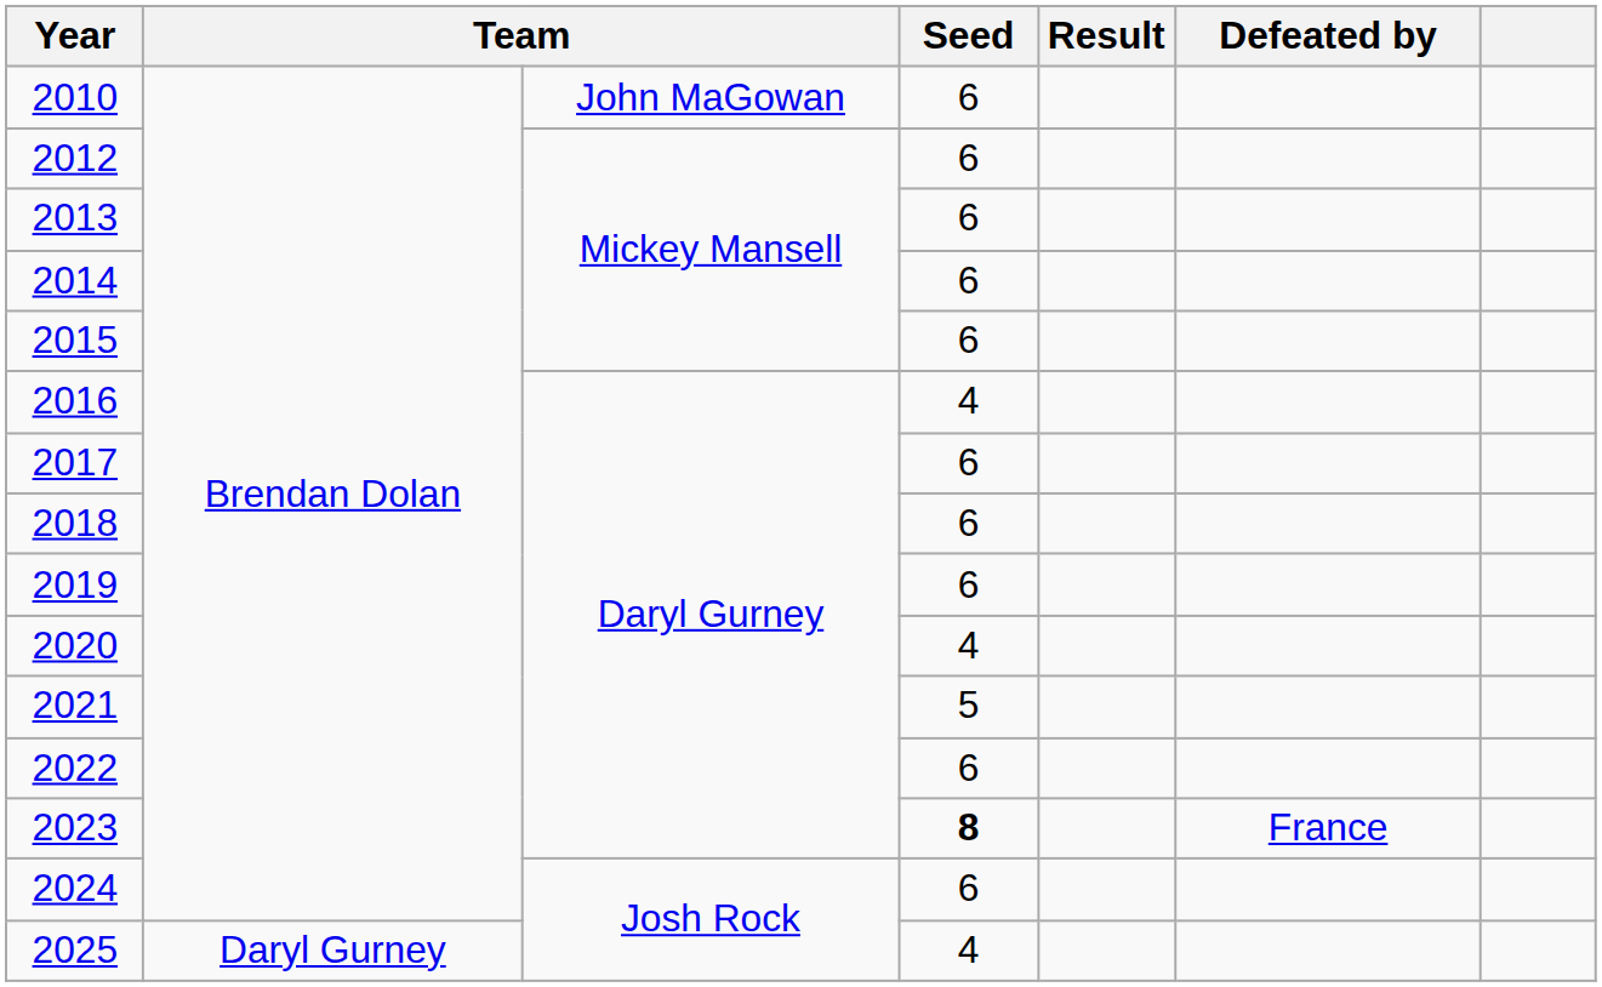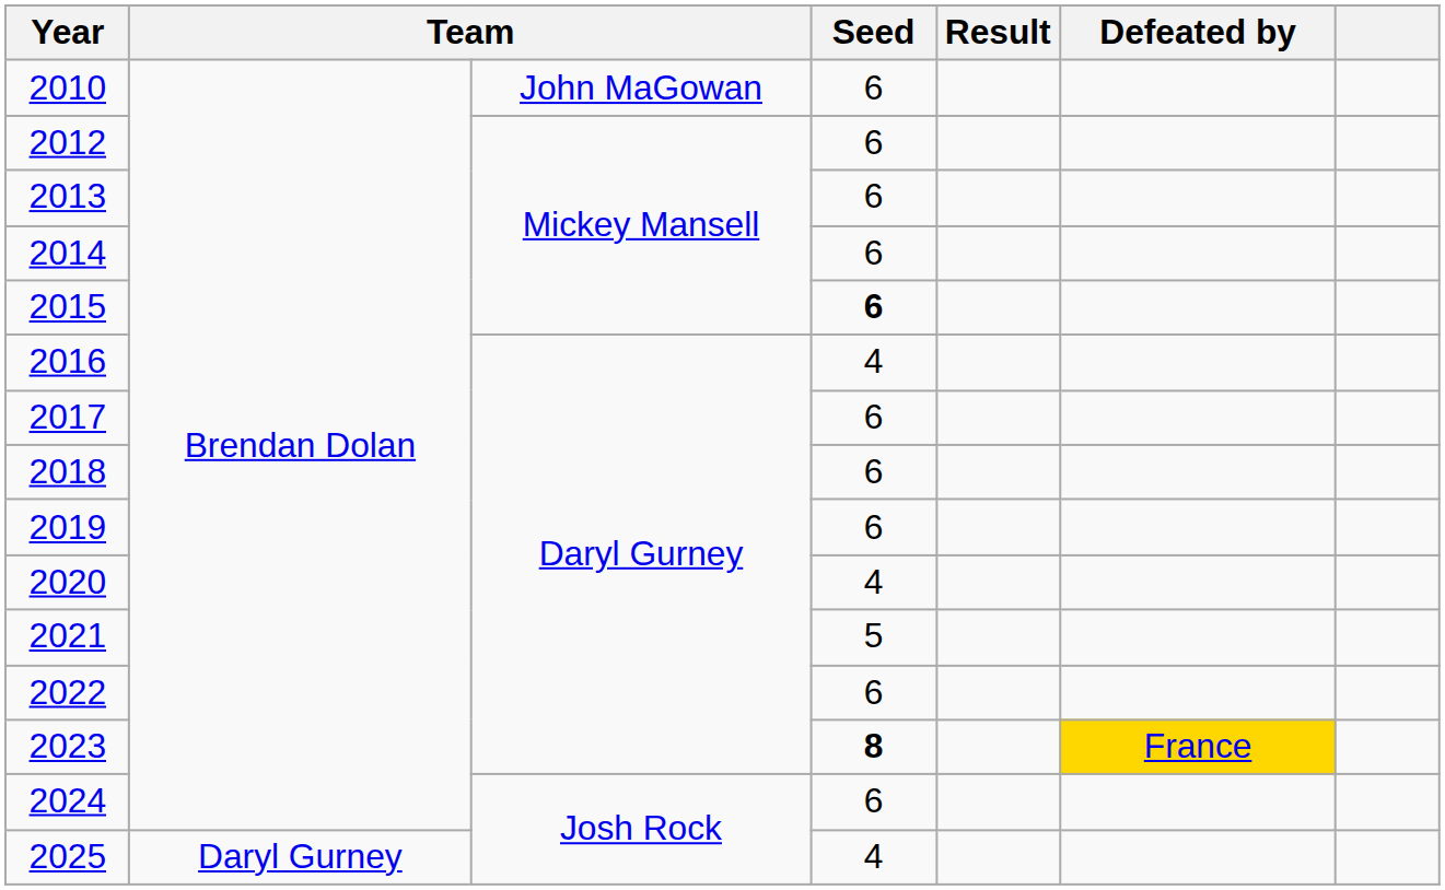 <table class="wikitable" style="text-align: center;">
 <tr style= "background: #e2e2e2;">
 </tr>
 <tr style="background: #efefef;">
 <th width=50px>Year</th>
 <th colspan="2">Team</th>
 <th width=50px>Seed</th>
 <th width=50px>Result</th>
 <th width=120px>Defeated by</th>
 <th width=40px></th>
 </tr>
 <tr>
 <td><a href='#'>2010</a></td>
 <td rowspan=14 width=150px><a href='#'>Brendan Dolan</a></td>
 <td width=150px><a href='#'>John MaGowan</a></td>
 <td>6</td>
 <td></td>
 <td> </td>
 <td></td>
 </tr>
 <tr>
 <td><a href='#'>2012</a></td>
 <td rowspan=4><a href='#'>Mickey Mansell</a></td>
 <td>6</td>
 <td></td>
 <td> </td>
 <td></td>
 </tr>
 <tr>
 <td><a href='#'>2013</a></td>
 <td>6</td>
 <td></td>
 <td> </td>
 <td></td>
 </tr>
 <tr>
 <td><a href='#'>2014</a></td>
 <td>6</td>
 <td></td>
 <td> </td>
 <td></td>
 </tr>
 <tr>
 <td><a href='#'>2015</a></td>
-<td>6</td>
+<td><strong>6</strong></td>
 <td></td>
 <td> </td>
 <td></td>
 </tr>
 <tr>
 <td><a href='#'>2016</a></td>
 <td rowspan=8><a href='#'>Daryl Gurney</a></td>
 <td>4</td>
 <td></td>
 <td> </td>
 <td></td>
 </tr>
 <tr>
 <td><a href='#'>2017</a></td>
 <td>6</td>
 <td></td>
 <td> </td>
 <td></td>
 </tr>
 <tr>
 <td><a href='#'>2018</a></td>
 <td>6</td>
 <td></td>
 <td> </td>
 <td></td>
 </tr>
 <tr>
 <td><a href='#'>2019</a></td>
 <td>6</td>
 <td></td>
 <td> </td>
 <td></td>
 </tr>
 <tr>
 <td><a href='#'>2020</a></td>
 <td>4</td>
 <td></td>
 <td> </td>
 <td></td>
 </tr>
 <tr>
 <td><a href='#'>2021</a></td>
 <td>5</td>
 <td></td>
 <td> </td>
 <td></td>
 </tr>
 <tr>
 <td><a href='#'>2022</a></td>
 <td>6</td>
 <td></td>
 <td> </td>
 <td></td>
 </tr>
 <tr>
 <td><a href='#'>2023</a></td>
 <td><strong>8</strong></td>
 <td></td>
-<td> <a href='#'>France</a></td>
+<td style="background: gold;"> <a href='#'>France</a></td>
 <td></td>
 </tr>
 <tr>
 <td><a href='#'>2024</a></td>
 <td rowspan=2><a href='#'>Josh Rock</a></td>
 <td>6</td>
 <td></td>
 <td> </td>
 <td></td>
 </tr>
 <tr>
 <td><a href='#'>2025</a></td>
 <td><a href='#'>Daryl Gurney</a></td>
 <td>4</td>
 <td></td>
 <td></td>
 <td></td>
 </tr>
 </table>
